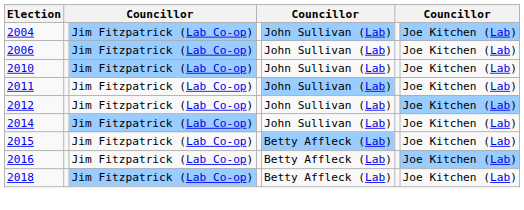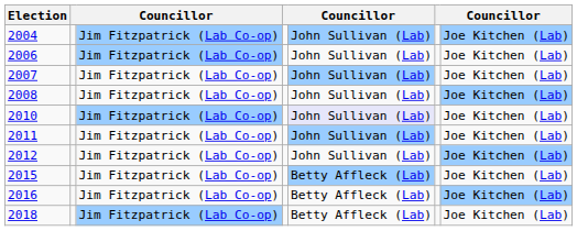 <table class="wikitable">
 <tr>
 <th>Election</th>
 <th colspan="2">Councillor</th>
 <th colspan="2">Councillor</th>
 <th colspan="2">Councillor</th>
 </tr>
 <tr>
 <td><a href='#'>2004</a></td>
 <td style="background-color: "></td>
 <td bgcolor="#99CCFF">Jim Fitzpatrick (<a href='#'>Lab Co-op</a>)</td>
 <td style="background-color: "></td>
 <td bgcolor="#99CCFF">John Sullivan (<a href='#'>Lab</a>)</td>
 <td style="background-color: "></td>
 <td bgcolor="#99CCFF">Joe Kitchen (<a href='#'>Lab</a>)</td>
 </tr>
 <tr>
 <td><a href='#'>2006</a></td>
 <td style="background-color: "></td>
 <td bgcolor="#99CCFF">Jim Fitzpatrick (<a href='#'>Lab Co-op</a>)</td>
 <td style="background-color: "></td>
 <td>John Sullivan (<a href='#'>Lab</a>)</td>
 <td style="background-color: "></td>
 <td>Joe Kitchen (<a href='#'>Lab</a>)</td>
 </tr>
 <tr>
+<td><a href='#'>2007</a></td>
+<td style="background-color: "></td>
+<td>Jim Fitzpatrick (<a href='#'>Lab Co-op</a>)</td>
+<td style="background-color: "></td>
+<td bgcolor="#99CCFF">John Sullivan (<a href='#'>Lab</a>)</td>
+<td style="background-color: "></td>
+<td>Joe Kitchen (<a href='#'>Lab</a>)</td>
+</tr>
+<tr>
+<td><a href='#'>2008</a></td>
+<td style="background-color: "></td>
+<td>Jim Fitzpatrick (<a href='#'>Lab Co-op</a>)</td>
+<td style="background-color: "></td>
+<td>John Sullivan (<a href='#'>Lab</a>)</td>
+<td style="background-color: "></td>
+<td bgcolor="#99CCFF">Joe Kitchen (<a href='#'>Lab</a>)</td>
+</tr>
+<tr>
 <td><a href='#'>2010</a></td>
 <td style="background-color: "></td>
 <td bgcolor="#99CCFF">Jim Fitzpatrick (<a href='#'>Lab Co-op</a>)</td>
 <td style="background-color: "></td>
-<td>John Sullivan (<a href='#'>Lab</a>)</td>
+<td style="background: lavender;">John Sullivan (<a href='#'>Lab</a>)</td>
 <td style="background-color: "></td>
 <td>Joe Kitchen (<a href='#'>Lab</a>)</td>
 </tr>
 <tr>
 <td><a href='#'>2011</a></td>
 <td style="background-color: "></td>
 <td>Jim Fitzpatrick (<a href='#'>Lab Co-op</a>)</td>
 <td style="background-color: "></td>
 <td bgcolor="#99CCFF">John Sullivan (<a href='#'>Lab</a>)</td>
 <td style="background-color: "></td>
 <td>Joe Kitchen (<a href='#'>Lab</a>)</td>
 </tr>
 <tr>
 <td><a href='#'>2012</a></td>
 <td style="background-color: "></td>
 <td>Jim Fitzpatrick (<a href='#'>Lab Co-op</a>)</td>
 <td style="background-color: "></td>
 <td>John Sullivan (<a href='#'>Lab</a>)</td>
 <td style="background-color: "></td>
 <td bgcolor="#99CCFF">Joe Kitchen (<a href='#'>Lab</a>)</td>
-</tr>
-<tr>
-<td><a href='#'>2014</a></td>
-<td style="background-color: "></td>
-<td bgcolor="#99CCFF">Jim Fitzpatrick (<a href='#'>Lab Co-op</a>)</td>
-<td style="background-color: "></td>
-<td>John Sullivan (<a href='#'>Lab</a>)</td>
-<td style="background-color: "></td>
-<td>Joe Kitchen (<a href='#'>Lab</a>)</td>
 </tr>
 <tr>
 <td><a href='#'>2015</a></td>
 <td style="background-color: "></td>
 <td>Jim Fitzpatrick (<a href='#'>Lab Co-op</a>)</td>
 <td style="background-color: "></td>
 <td bgcolor="#99CCFF">Betty Affleck (<a href='#'>Lab</a>)</td>
 <td style="background-color: "></td>
 <td>Joe Kitchen (<a href='#'>Lab</a>)</td>
 </tr>
 <tr>
 <td><a href='#'>2016</a></td>
 <td style="background-color: "></td>
 <td>Jim Fitzpatrick (<a href='#'>Lab Co-op</a>)</td>
 <td style="background-color: "></td>
 <td>Betty Affleck (<a href='#'>Lab</a>)</td>
 <td style="background-color: "></td>
 <td bgcolor="#99CCFF">Joe Kitchen (<a href='#'>Lab</a>)</td>
 </tr>
 <tr>
 <td><a href='#'>2018</a></td>
 <td style="background-color: "></td>
 <td bgcolor="#99CCFF">Jim Fitzpatrick (<a href='#'>Lab Co-op</a>)</td>
 <td style="background-color: "></td>
 <td>Betty Affleck (<a href='#'>Lab</a>)</td>
 <td style="background-color: "></td>
 <td>Joe Kitchen (<a href='#'>Lab</a>)</td>
 </tr>
 </table>
